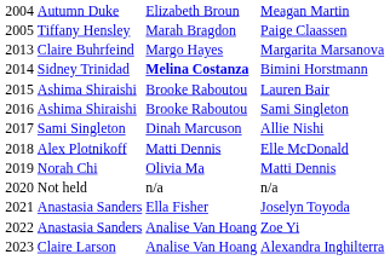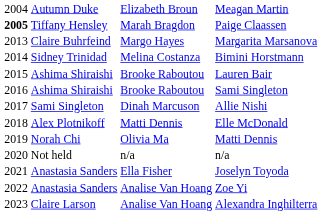 <table>
 <tr>
 <td style="text-align:center;">2004</td>
 <td><a href='#'>Autumn Duke</a></td>
 <td><a href='#'>Elizabeth Broun</a></td>
 <td><a href='#'>Meagan Martin</a></td>
 </tr>
 <tr>
-<td style="text-align:center;">2005</td>
+<td style="text-align:center;"><strong>2005</strong></td>
 <td><a href='#'>Tiffany Hensley</a></td>
 <td><a href='#'>Marah Bragdon</a></td>
 <td><a href='#'>Paige Claassen</a></td>
 </tr>
 <tr>
 <td style="text-align:center;">2013</td>
 <td><a href='#'>Claire Buhrfeind</a></td>
 <td><a href='#'>Margo Hayes</a></td>
 <td><a href='#'>Margarita Marsanova</a></td>
 </tr>
 <tr>
 <td style="text-align:center;">2014</td>
 <td><a href='#'>Sidney Trinidad</a></td>
-<td><strong><a href='#'>Melina Costanza</a></strong></td>
+<td><a href='#'>Melina Costanza</a></td>
 <td><a href='#'>Bimini Horstmann</a></td>
 </tr>
 <tr>
 <td style="text-align:center;">2015</td>
 <td><a href='#'>Ashima Shiraishi</a></td>
 <td><a href='#'>Brooke Raboutou</a></td>
 <td><a href='#'>Lauren Bair</a></td>
 </tr>
 <tr>
 <td style="text-align:center;">2016</td>
 <td><a href='#'>Ashima Shiraishi</a></td>
 <td><a href='#'>Brooke Raboutou</a></td>
 <td><a href='#'>Sami Singleton</a></td>
 </tr>
 <tr>
 <td style="text-align:center;">2017</td>
 <td><a href='#'>Sami Singleton</a></td>
 <td><a href='#'>Dinah Marcuson</a></td>
 <td><a href='#'>Allie Nishi</a></td>
 </tr>
 <tr>
 <td style="text-align:center;">2018</td>
 <td><a href='#'>Alex Plotnikoff</a></td>
 <td><a href='#'>Matti Dennis</a></td>
 <td><a href='#'>Elle McDonald</a></td>
 </tr>
 <tr>
 <td style="text-align:center;">2019</td>
 <td><a href='#'>Norah Chi</a></td>
 <td><a href='#'>Olivia Ma</a></td>
 <td><a href='#'>Matti Dennis</a></td>
 </tr>
 <tr>
 <td style="text-align:center;">2020</td>
 <td>Not held</td>
 <td>n/a</td>
 <td>n/a</td>
 </tr>
 <tr>
 <td style="text-align:center;">2021</td>
 <td><a href='#'>Anastasia Sanders</a></td>
 <td><a href='#'>Ella Fisher</a></td>
 <td><a href='#'>Joselyn Toyoda</a></td>
 </tr>
 <tr>
 <td style="text-align:center;">2022</td>
 <td><a href='#'>Anastasia Sanders</a></td>
 <td><a href='#'>Analise Van Hoang</a></td>
 <td><a href='#'>Zoe Yi</a></td>
 </tr>
 <tr>
 <td style="text-align:center;">2023</td>
 <td><a href='#'>Claire Larson</a></td>
 <td><a href='#'>Analise Van Hoang</a></td>
 <td><a href='#'>Alexandra Inghilterra</a></td>
 </tr>
 </table>
